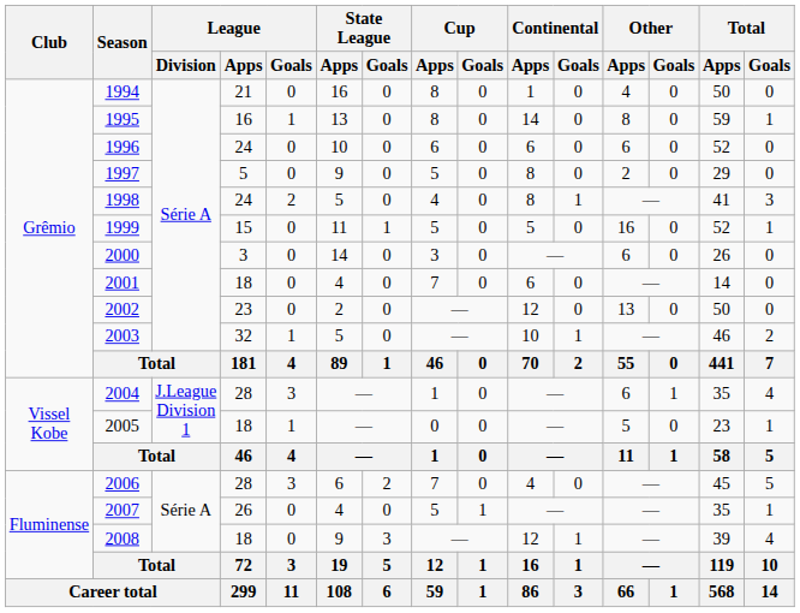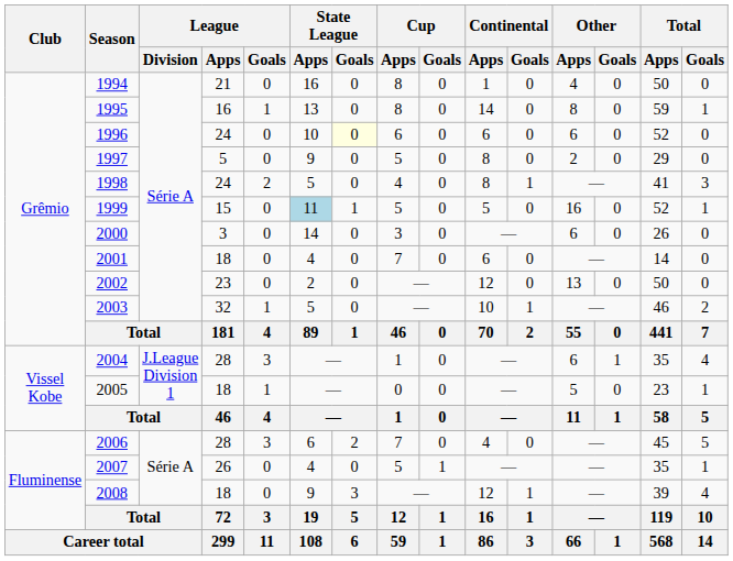 <table class="wikitable" style="text-align: center;">
 <tr>
 <th rowspan="2">Club</th>
 <th rowspan="2">Season</th>
 <th colspan="3">League</th>
 <th colspan="2">State League</th>
 <th colspan="2">Cup</th>
 <th colspan="2">Continental</th>
 <th colspan="2">Other</th>
 <th colspan="2">Total</th>
 </tr>
 <tr>
 <th>Division</th>
 <th>Apps</th>
 <th>Goals</th>
 <th>Apps</th>
 <th>Goals</th>
 <th>Apps</th>
 <th>Goals</th>
 <th>Apps</th>
 <th>Goals</th>
 <th>Apps</th>
 <th>Goals</th>
 <th>Apps</th>
 <th>Goals</th>
 </tr>
 <tr>
 <td rowspan="11" valign="center"><a href='#'>Grêmio</a></td>
 <td><a href='#'>1994</a></td>
 <td rowspan="10"><a href='#'>Série A</a></td>
 <td>21</td>
 <td>0</td>
 <td>16</td>
 <td>0</td>
 <td>8</td>
 <td>0</td>
 <td>1</td>
 <td>0</td>
 <td>4</td>
 <td>0</td>
 <td>50</td>
 <td>0</td>
 </tr>
 <tr>
 <td><a href='#'>1995</a></td>
 <td>16</td>
 <td>1</td>
 <td>13</td>
 <td>0</td>
 <td>8</td>
 <td>0</td>
 <td>14</td>
 <td>0</td>
 <td>8</td>
 <td>0</td>
 <td>59</td>
 <td>1</td>
 </tr>
 <tr>
 <td><a href='#'>1996</a></td>
 <td>24</td>
 <td>0</td>
 <td>10</td>
-<td>0</td>
+<td style="background: lightyellow;">0</td>
 <td>6</td>
 <td>0</td>
 <td>6</td>
 <td>0</td>
 <td>6</td>
 <td>0</td>
 <td>52</td>
 <td>0</td>
 </tr>
 <tr>
 <td><a href='#'>1997</a></td>
 <td>5</td>
 <td>0</td>
 <td>9</td>
 <td>0</td>
 <td>5</td>
 <td>0</td>
 <td>8</td>
 <td>0</td>
 <td>2</td>
 <td>0</td>
 <td>29</td>
 <td>0</td>
 </tr>
 <tr>
 <td><a href='#'>1998</a></td>
 <td>24</td>
 <td>2</td>
 <td>5</td>
 <td>0</td>
 <td>4</td>
 <td>0</td>
 <td>8</td>
 <td>1</td>
 <td colspan="2">—</td>
 <td>41</td>
 <td>3</td>
 </tr>
 <tr>
 <td><a href='#'>1999</a></td>
 <td>15</td>
 <td>0</td>
-<td>11</td>
+<td style="background: lightblue;">11</td>
 <td>1</td>
 <td>5</td>
 <td>0</td>
 <td>5</td>
 <td>0</td>
 <td>16</td>
 <td>0</td>
 <td>52</td>
 <td>1</td>
 </tr>
 <tr>
 <td><a href='#'>2000</a></td>
 <td>3</td>
 <td>0</td>
 <td>14</td>
 <td>0</td>
 <td>3</td>
 <td>0</td>
 <td colspan="2">—</td>
 <td>6</td>
 <td>0</td>
 <td>26</td>
 <td>0</td>
 </tr>
 <tr>
 <td><a href='#'>2001</a></td>
 <td>18</td>
 <td>0</td>
 <td>4</td>
 <td>0</td>
 <td>7</td>
 <td>0</td>
 <td>6</td>
 <td>0</td>
 <td colspan="2">—</td>
 <td>14</td>
 <td>0</td>
 </tr>
 <tr>
 <td><a href='#'>2002</a></td>
 <td>23</td>
 <td>0</td>
 <td>2</td>
 <td>0</td>
 <td colspan="2">—</td>
 <td>12</td>
 <td>0</td>
 <td>13</td>
 <td>0</td>
 <td>50</td>
 <td>0</td>
 </tr>
 <tr>
 <td><a href='#'>2003</a></td>
 <td>32</td>
 <td>1</td>
 <td>5</td>
 <td>0</td>
 <td colspan="2">—</td>
 <td>10</td>
 <td>1</td>
 <td colspan="2">—</td>
 <td>46</td>
 <td>2</td>
 </tr>
 <tr>
 <th colspan="2">Total</th>
 <th>181</th>
 <th>4</th>
 <th>89</th>
 <th>1</th>
 <th>46</th>
 <th>0</th>
 <th>70</th>
 <th>2</th>
 <th>55</th>
 <th>0</th>
 <th>441</th>
 <th>7</th>
 </tr>
 <tr>
 <td rowspan="3" valign="center"><a href='#'>Vissel Kobe</a></td>
 <td><a href='#'>2004</a></td>
 <td rowspan="2"><a href='#'>J.League Division 1</a></td>
 <td>28</td>
 <td>3</td>
 <td colspan="2">—</td>
 <td>1</td>
 <td>0</td>
 <td colspan="2">—</td>
 <td>6</td>
 <td>1</td>
 <td>35</td>
 <td>4</td>
 </tr>
 <tr>
 <td>2005</td>
 <td>18</td>
 <td>1</td>
 <td colspan="2">—</td>
 <td>0</td>
 <td>0</td>
 <td colspan="2">—</td>
 <td>5</td>
 <td>0</td>
 <td>23</td>
 <td>1</td>
 </tr>
 <tr>
 <th colspan="2">Total</th>
 <th>46</th>
 <th>4</th>
 <th colspan="2">—</th>
 <th>1</th>
 <th>0</th>
 <th colspan="2">—</th>
 <th>11</th>
 <th>1</th>
 <th>58</th>
 <th>5</th>
 </tr>
 <tr>
 <td rowspan="4" valign="center"><a href='#'>Fluminense</a></td>
 <td><a href='#'>2006</a></td>
 <td rowspan="3">Série A</td>
 <td>28</td>
 <td>3</td>
 <td>6</td>
 <td>2</td>
 <td>7</td>
 <td>0</td>
 <td>4</td>
 <td>0</td>
 <td colspan="2">—</td>
 <td>45</td>
 <td>5</td>
 </tr>
 <tr>
 <td><a href='#'>2007</a></td>
 <td>26</td>
 <td>0</td>
 <td>4</td>
 <td>0</td>
 <td>5</td>
 <td>1</td>
 <td colspan="2">—</td>
 <td colspan="2">—</td>
 <td>35</td>
 <td>1</td>
 </tr>
 <tr>
 <td><a href='#'>2008</a></td>
 <td>18</td>
 <td>0</td>
 <td>9</td>
 <td>3</td>
 <td colspan="2">—</td>
 <td>12</td>
 <td>1</td>
 <td colspan="2">—</td>
 <td>39</td>
 <td>4</td>
 </tr>
 <tr>
 <th colspan="2">Total</th>
 <th>72</th>
 <th>3</th>
 <th>19</th>
 <th>5</th>
 <th>12</th>
 <th>1</th>
 <th>16</th>
 <th>1</th>
 <th colspan="2">—</th>
 <th>119</th>
 <th>10</th>
 </tr>
 <tr>
 <th colspan="3"><strong>Career total</strong></th>
 <th>299</th>
 <th>11</th>
 <th>108</th>
 <th>6</th>
 <th>59</th>
 <th>1</th>
 <th>86</th>
 <th>3</th>
 <th>66</th>
 <th>1</th>
 <th>568</th>
 <th>14</th>
 </tr>
 </table>
